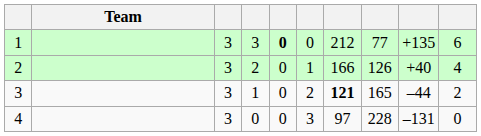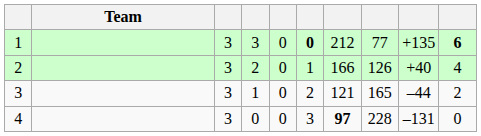 <table class=wikitable style=text-align:center>
 <tr>
 <th width=20 abbr=Position></th>
 <th width=175>Team</th>
 <th width=20 abbr=Played></th>
 <th width=20 abbr=Won></th>
 <th width=20 abbr=Drawn></th>
 <th width=20 abbr=Lost></th>
 <th width=30 abbr=Goal for></th>
 <th width=30 abbr=Goal against></th>
 <th width=30 abbr=Goal difference></th>
 <th width=30 abbr=Points></th>
 </tr>
 <tr bgcolor=#CCFFCC>
 <td>1</td>
 <td align=left></td>
 <td>3</td>
 <td>3</td>
+<td>0</td>
 <td><strong>0</strong></td>
-<td>0</td>
 <td>212</td>
 <td>77</td>
 <td>+135</td>
-<td>6</td>
+<td><strong>6</strong></td>
 </tr>
 <tr bgcolor=#CCFFCC>
 <td>2</td>
 <td align=left></td>
 <td>3</td>
 <td>2</td>
 <td>0</td>
 <td>1</td>
 <td>166</td>
 <td>126</td>
 <td>+40</td>
 <td>4</td>
 </tr>
 <tr>
 <td>3</td>
 <td align=left></td>
 <td>3</td>
 <td>1</td>
 <td>0</td>
 <td>2</td>
-<td><strong>121</strong></td>
+<td>121</td>
 <td>165</td>
 <td>–44</td>
 <td>2</td>
 </tr>
 <tr>
 <td>4</td>
 <td align=left></td>
 <td>3</td>
 <td>0</td>
 <td>0</td>
 <td>3</td>
-<td>97</td>
+<td><strong>97</strong></td>
 <td>228</td>
 <td>–131</td>
 <td>0</td>
 </tr>
 </table>
